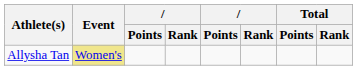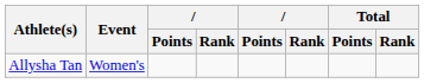 <table class="wikitable">
 <tr>
 <th rowspan="2">Athlete(s)</th>
 <th rowspan="2">Event</th>
 <th colspan="2">/</th>
 <th colspan="2">/</th>
 <th colspan="2">Total</th>
 </tr>
 <tr>
 <th>Points</th>
 <th>Rank</th>
 <th>Points</th>
 <th>Rank</th>
 <th>Points</th>
 <th>Rank</th>
 </tr>
 <tr>
 <td><a href='#'>Allysha Tan</a></td>
-<td style="background: khaki;"><a href='#'>Women's</a></td>
+<td><a href='#'>Women's</a></td>
 <td></td>
 <td></td>
 <td></td>
 <td></td>
 <td></td>
 <td></td>
 </tr>
 </table>
